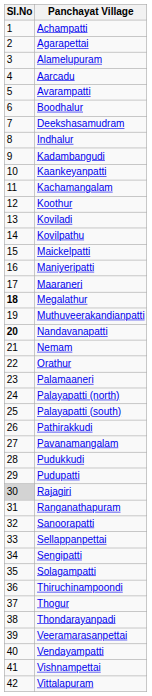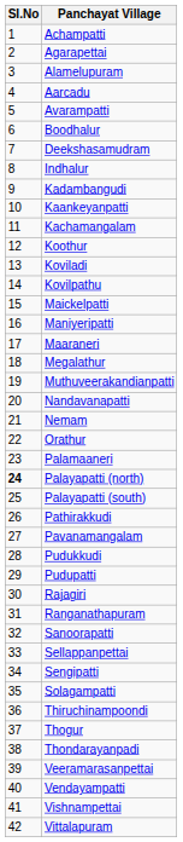 <table class="wikitable sortable">
 <tr>
 <th>SI.No</th>
 <th>Panchayat Village</th>
 </tr>
 <tr>
 <td>1</td>
 <td><a href='#'>Achampatti</a></td>
 </tr>
 <tr>
 <td>2</td>
 <td><a href='#'>Agarapettai</a></td>
 </tr>
 <tr>
 <td>3</td>
 <td><a href='#'>Alamelupuram</a></td>
 </tr>
 <tr>
 <td>4</td>
 <td><a href='#'>Aarcadu</a></td>
 </tr>
 <tr>
 <td>5</td>
 <td><a href='#'>Avarampatti</a></td>
 </tr>
 <tr>
 <td>6</td>
 <td><a href='#'>Boodhalur</a></td>
 </tr>
 <tr>
 <td>7</td>
 <td><a href='#'>Deekshasamudram</a></td>
 </tr>
 <tr>
 <td>8</td>
 <td><a href='#'>Indhalur</a></td>
 </tr>
 <tr>
 <td>9</td>
 <td><a href='#'>Kadambangudi</a></td>
 </tr>
 <tr>
 <td>10</td>
 <td><a href='#'>Kaankeyanpatti</a></td>
 </tr>
 <tr>
 <td>11</td>
 <td><a href='#'>Kachamangalam</a></td>
 </tr>
 <tr>
 <td>12</td>
 <td><a href='#'>Koothur</a></td>
 </tr>
 <tr>
 <td>13</td>
 <td><a href='#'>Koviladi</a></td>
 </tr>
 <tr>
 <td>14</td>
 <td><a href='#'>Kovilpathu</a></td>
 </tr>
 <tr>
 <td>15</td>
 <td><a href='#'>Maickelpatti</a></td>
 </tr>
 <tr>
 <td>16</td>
 <td><a href='#'>Maniyeripatti</a></td>
 </tr>
 <tr>
 <td>17</td>
 <td><a href='#'>Maaraneri</a></td>
 </tr>
 <tr>
-<td><strong>18</strong></td>
+<td>18</td>
 <td><a href='#'>Megalathur</a></td>
 </tr>
 <tr>
 <td>19</td>
 <td><a href='#'>Muthuveerakandianpatti</a></td>
 </tr>
 <tr>
-<td><strong>20</strong></td>
+<td>20</td>
 <td><a href='#'>Nandavanapatti</a></td>
 </tr>
 <tr>
 <td>21</td>
 <td><a href='#'>Nemam</a></td>
 </tr>
 <tr>
 <td>22</td>
 <td><a href='#'>Orathur</a></td>
 </tr>
 <tr>
 <td>23</td>
 <td><a href='#'>Palamaaneri</a></td>
 </tr>
 <tr>
-<td>24</td>
+<td><strong>24</strong></td>
 <td><a href='#'>Palayapatti (north)</a></td>
 </tr>
 <tr>
 <td>25</td>
 <td><a href='#'>Palayapatti (south)</a></td>
 </tr>
 <tr>
 <td>26</td>
 <td><a href='#'>Pathirakkudi</a></td>
 </tr>
 <tr>
 <td>27</td>
 <td><a href='#'>Pavanamangalam</a></td>
 </tr>
 <tr>
 <td>28</td>
 <td><a href='#'>Pudukkudi</a></td>
 </tr>
 <tr>
 <td>29</td>
 <td><a href='#'>Pudupatti</a></td>
 </tr>
 <tr>
-<td style="background: lightgrey;">30</td>
+<td>30</td>
 <td><a href='#'>Rajagiri</a></td>
 </tr>
 <tr rayanthur>
 <td>31</td>
 <td><a href='#'>Ranganathapuram</a></td>
 </tr>
 <tr>
 <td>32</td>
 <td><a href='#'>Sanoorapatti</a></td>
 </tr>
 <tr>
 <td>33</td>
 <td><a href='#'>Sellappanpettai</a></td>
 </tr>
 <tr>
 <td>34</td>
 <td><a href='#'>Sengipatti</a></td>
 </tr>
 <tr>
 <td>35</td>
 <td><a href='#'>Solagampatti</a></td>
 </tr>
 <tr>
 <td>36</td>
 <td><a href='#'>Thiruchinampoondi</a></td>
 </tr>
 <tr>
 <td>37</td>
 <td><a href='#'>Thogur</a></td>
 </tr>
 <tr>
 <td>38</td>
 <td><a href='#'>Thondarayanpadi</a></td>
 </tr>
 <tr>
 <td>39</td>
 <td><a href='#'>Veeramarasanpettai</a></td>
 </tr>
 <tr>
 <td>40</td>
 <td><a href='#'>Vendayampatti</a></td>
 </tr>
 <tr>
 <td>41</td>
 <td><a href='#'>Vishnampettai</a></td>
 </tr>
 <tr>
 <td>42</td>
 <td><a href='#'>Vittalapuram</a></td>
 </tr>
 </table>
